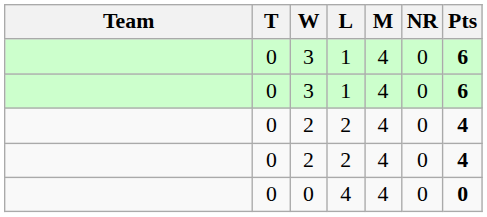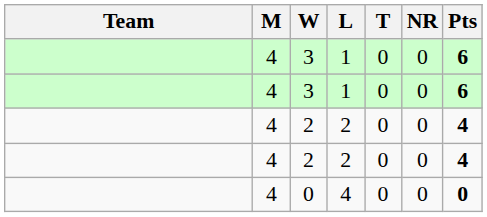 <table class="wikitable" style="text-align:center;">
 <tr>
 <th width=175>Team</th>
-<th width="20" abbr="Tied">T</th>
+<th width="20" abbr="Played">M</th>
 <th width="20" abbr="Won">W</th>
 <th width="20" abbr="Lost">L</th>
-<th width="20" abbr="Played">M</th>
+<th width="20" abbr="Tied">T</th>
 <th width="20" abbr="No result">NR</th>
 <th width="20" abbr="Points">Pts</th>
 </tr>
 <tr style="background:#ccffcc;">
 <td style="text-align:left;"></td>
-<td>0</td>
+<td>4</td>
 <td>3</td>
 <td>1</td>
-<td>4</td>
+<td>0</td>
 <td>0</td>
 <td><strong>6</strong></td>
 </tr>
 <tr style="background:#ccffcc;">
 <td style="text-align:left;"></td>
-<td>0</td>
+<td>4</td>
 <td>3</td>
 <td>1</td>
-<td>4</td>
+<td>0</td>
 <td>0</td>
 <td><strong>6</strong></td>
 </tr>
 <tr style="background:#f9f9f9;">
 <td style="text-align:left;"></td>
-<td>0</td>
+<td>4</td>
 <td>2</td>
 <td>2</td>
-<td>4</td>
+<td>0</td>
 <td>0</td>
 <td><strong>4</strong></td>
 </tr>
 <tr style="background:#f9f9f9;">
 <td style="text-align:left;"></td>
-<td>0</td>
+<td>4</td>
 <td>2</td>
 <td>2</td>
-<td>4</td>
+<td>0</td>
 <td>0</td>
 <td><strong>4</strong></td>
 </tr>
 <tr style="background:#f9f9f9;">
 <td style="text-align:left;"></td>
-<td>0</td>
+<td>4</td>
 <td>0</td>
 <td>4</td>
-<td>4</td>
+<td>0</td>
 <td>0</td>
 <td><strong>0</strong></td>
 </tr>
 </table>
